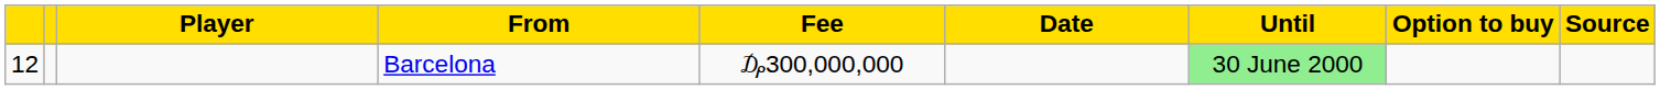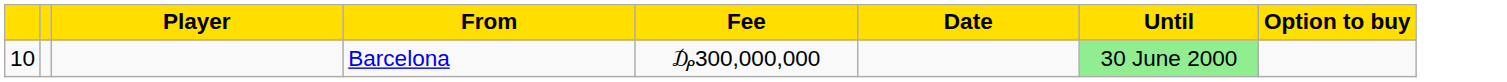 <table class="wikitable sortable">
 <tr>
 <th style="background:#FFDE00"></th>
 <th style="background:#FFDE00"></th>
 <th width=200 style="background:#FFDE00">Player</th>
 <th width=200 style="background:#FFDE00">From</th>
 <th width=150 style="background:#FFDE00">Fee</th>
 <th width=150 style="background:#FFDE00">Date</th>
 <th width=120 style="background:#FFDE00">Until</th>
 <th style="background:#FFDE00">Option to buy</th>
-<th style="background:#FFDE00">Source</th>
 </tr>
 <tr>
-<td align=center>12</td>
+<td align=center>10</td>
 <td align=center></td>
 <td></td>
 <td> <a href='#'>Barcelona</a></td>
 <td align=center>₯300,000,000</td>
 <td align=center></td>
 <td align=center style="background: lightgreen;">30 June 2000</td>
 <td align=center></td>
-<td align=center></td>
 </tr>
 </table>
